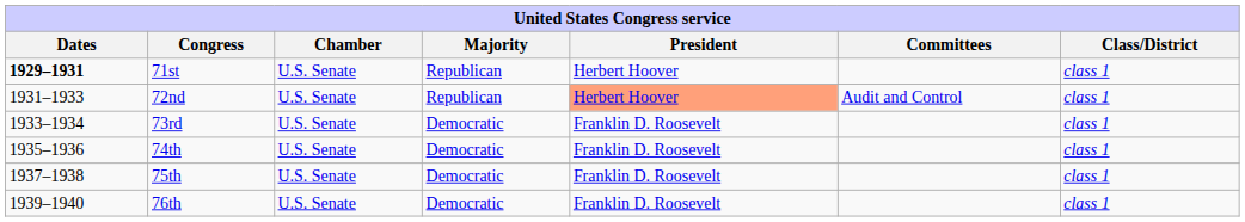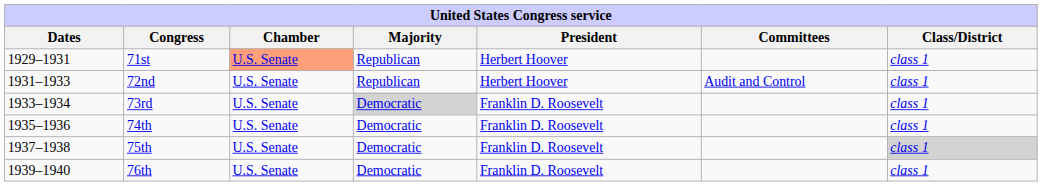 <table class=wikitable style="width: 94%" style="text-align: center;" align="center">
 <tr bgcolor=#cccccc>
 <th colspan=7 style="background: #ccccff;">United States Congress service</th>
 </tr>
 <tr>
 <th>Dates</th>
 <th>Congress</th>
 <th>Chamber</th>
 <th>Majority</th>
 <th>President</th>
 <th>Committees</th>
 <th>Class/District</th>
 </tr>
 <tr>
-<td><strong>1929–1931</strong></td>
+<td>1929–1931</td>
 <td><a href='#'>71st</a></td>
-<td><a href='#'>U.S. Senate</a></td>
+<td style="background: lightsalmon;"><a href='#'>U.S. Senate</a></td>
 <td><a href='#'>Republican</a></td>
 <td><a href='#'>Herbert Hoover</a></td>
 <td></td>
 <td><a href='#'><em>class 1</em></a></td>
 </tr>
 <tr>
 <td>1931–1933</td>
 <td><a href='#'>72nd</a></td>
 <td><a href='#'>U.S. Senate</a></td>
 <td><a href='#'>Republican</a></td>
-<td style="background: lightsalmon;"><a href='#'>Herbert Hoover</a></td>
+<td><a href='#'>Herbert Hoover</a></td>
 <td><a href='#'>Audit and Control</a></td>
 <td><a href='#'><em>class 1</em></a></td>
 </tr>
 <tr>
 <td>1933–1934</td>
 <td><a href='#'>73rd</a></td>
 <td><a href='#'>U.S. Senate</a></td>
-<td><a href='#'>Democratic</a></td>
+<td style="background: lightgrey;"><a href='#'>Democratic</a></td>
 <td><a href='#'>Franklin D. Roosevelt</a></td>
 <td></td>
 <td><a href='#'><em>class 1</em></a></td>
 </tr>
 <tr>
 <td>1935–1936</td>
 <td><a href='#'>74th</a></td>
 <td><a href='#'>U.S. Senate</a></td>
 <td><a href='#'>Democratic</a></td>
 <td><a href='#'>Franklin D. Roosevelt</a></td>
 <td></td>
 <td><a href='#'><em>class 1</em></a></td>
 </tr>
 <tr>
 <td>1937–1938</td>
 <td><a href='#'>75th</a></td>
 <td><a href='#'>U.S. Senate</a></td>
 <td><a href='#'>Democratic</a></td>
 <td><a href='#'>Franklin D. Roosevelt</a></td>
 <td></td>
-<td><a href='#'><em>class 1</em></a></td>
+<td style="background: lightgrey;"><a href='#'><em>class 1</em></a></td>
 </tr>
 <tr>
 <td>1939–1940</td>
 <td><a href='#'>76th</a></td>
 <td><a href='#'>U.S. Senate</a></td>
 <td><a href='#'>Democratic</a></td>
 <td><a href='#'>Franklin D. Roosevelt</a></td>
 <td></td>
 <td><a href='#'><em>class 1</em></a></td>
 </tr>
 </table>
